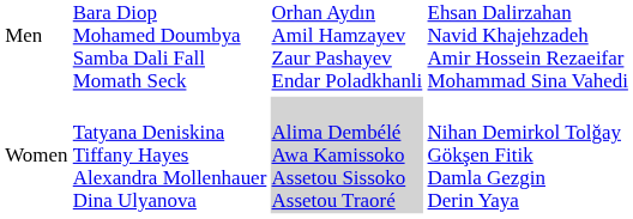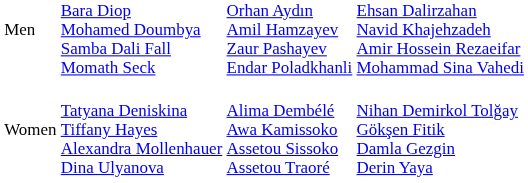 <table>
 <tr>
 <td>Men</td>
 <td><br><a href='#'>Bara Diop</a><br><a href='#'>Mohamed Doumbya</a><br><a href='#'>Samba Dali Fall</a><br><a href='#'>Momath Seck</a></td>
 <td><br><a href='#'>Orhan Aydın</a><br><a href='#'>Amil Hamzayev</a><br><a href='#'>Zaur Pashayev</a><br><a href='#'>Endar Poladkhanli</a></td>
 <td><br><a href='#'>Ehsan Dalirzahan</a><br><a href='#'>Navid Khajehzadeh</a><br><a href='#'>Amir Hossein Rezaeifar</a><br><a href='#'>Mohammad Sina Vahedi</a></td>
 </tr>
 <tr>
 <td>Women</td>
 <td><br><a href='#'>Tatyana Deniskina</a><br><a href='#'>Tiffany Hayes</a><br><a href='#'>Alexandra Mollenhauer</a><br><a href='#'>Dina Ulyanova</a></td>
-<td style="background: lightgrey;"><br><a href='#'>Alima Dembélé</a><br><a href='#'>Awa Kamissoko</a><br><a href='#'>Assetou Sissoko</a><br><a href='#'>Assetou Traoré</a></td>
+<td><br><a href='#'>Alima Dembélé</a><br><a href='#'>Awa Kamissoko</a><br><a href='#'>Assetou Sissoko</a><br><a href='#'>Assetou Traoré</a></td>
 <td><br><a href='#'>Nihan Demirkol Tolğay</a><br><a href='#'>Gökşen Fitik</a><br><a href='#'>Damla Gezgin</a><br><a href='#'>Derin Yaya</a></td>
 </tr>
 </table>
